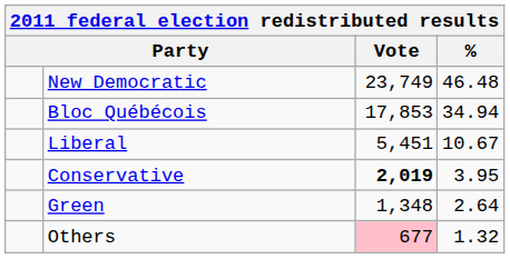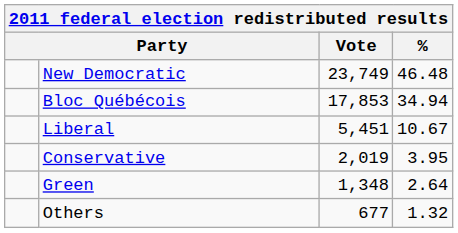 <table class="wikitable">
 <tr>
 <th colspan="4"><a href='#'>2011 federal election</a> redistributed results</th>
 </tr>
 <tr>
 <th bgcolor="#DDDDFF" width="130px" colspan="2">Party</th>
 <th bgcolor="#DDDDFF" width="50px">Vote</th>
 <th bgcolor="#DDDDFF" width="30px">%</th>
 </tr>
 <tr>
 <td> </td>
 <td><a href='#'>New Democratic</a></td>
 <td align=right>23,749</td>
 <td align=right>46.48</td>
 </tr>
 <tr>
 <td> </td>
 <td><a href='#'>Bloc Québécois</a></td>
 <td align=right>17,853</td>
 <td align=right>34.94</td>
 </tr>
 <tr>
 <td> </td>
 <td><a href='#'>Liberal</a></td>
 <td align=right>5,451</td>
 <td align=right>10.67</td>
 </tr>
 <tr>
 <td> </td>
 <td><a href='#'>Conservative</a></td>
-<td align=right><strong>2,019</strong></td>
+<td align=right>2,019</td>
 <td align=right>3.95</td>
 </tr>
 <tr>
 <td> </td>
 <td><a href='#'>Green</a></td>
 <td align=right>1,348</td>
 <td align=right>2.64</td>
 </tr>
 <tr>
 <td> </td>
 <td>Others</td>
-<td align=right style="background: pink;">677</td>
+<td align=right>677</td>
 <td align=right>1.32</td>
 </tr>
 </table>
